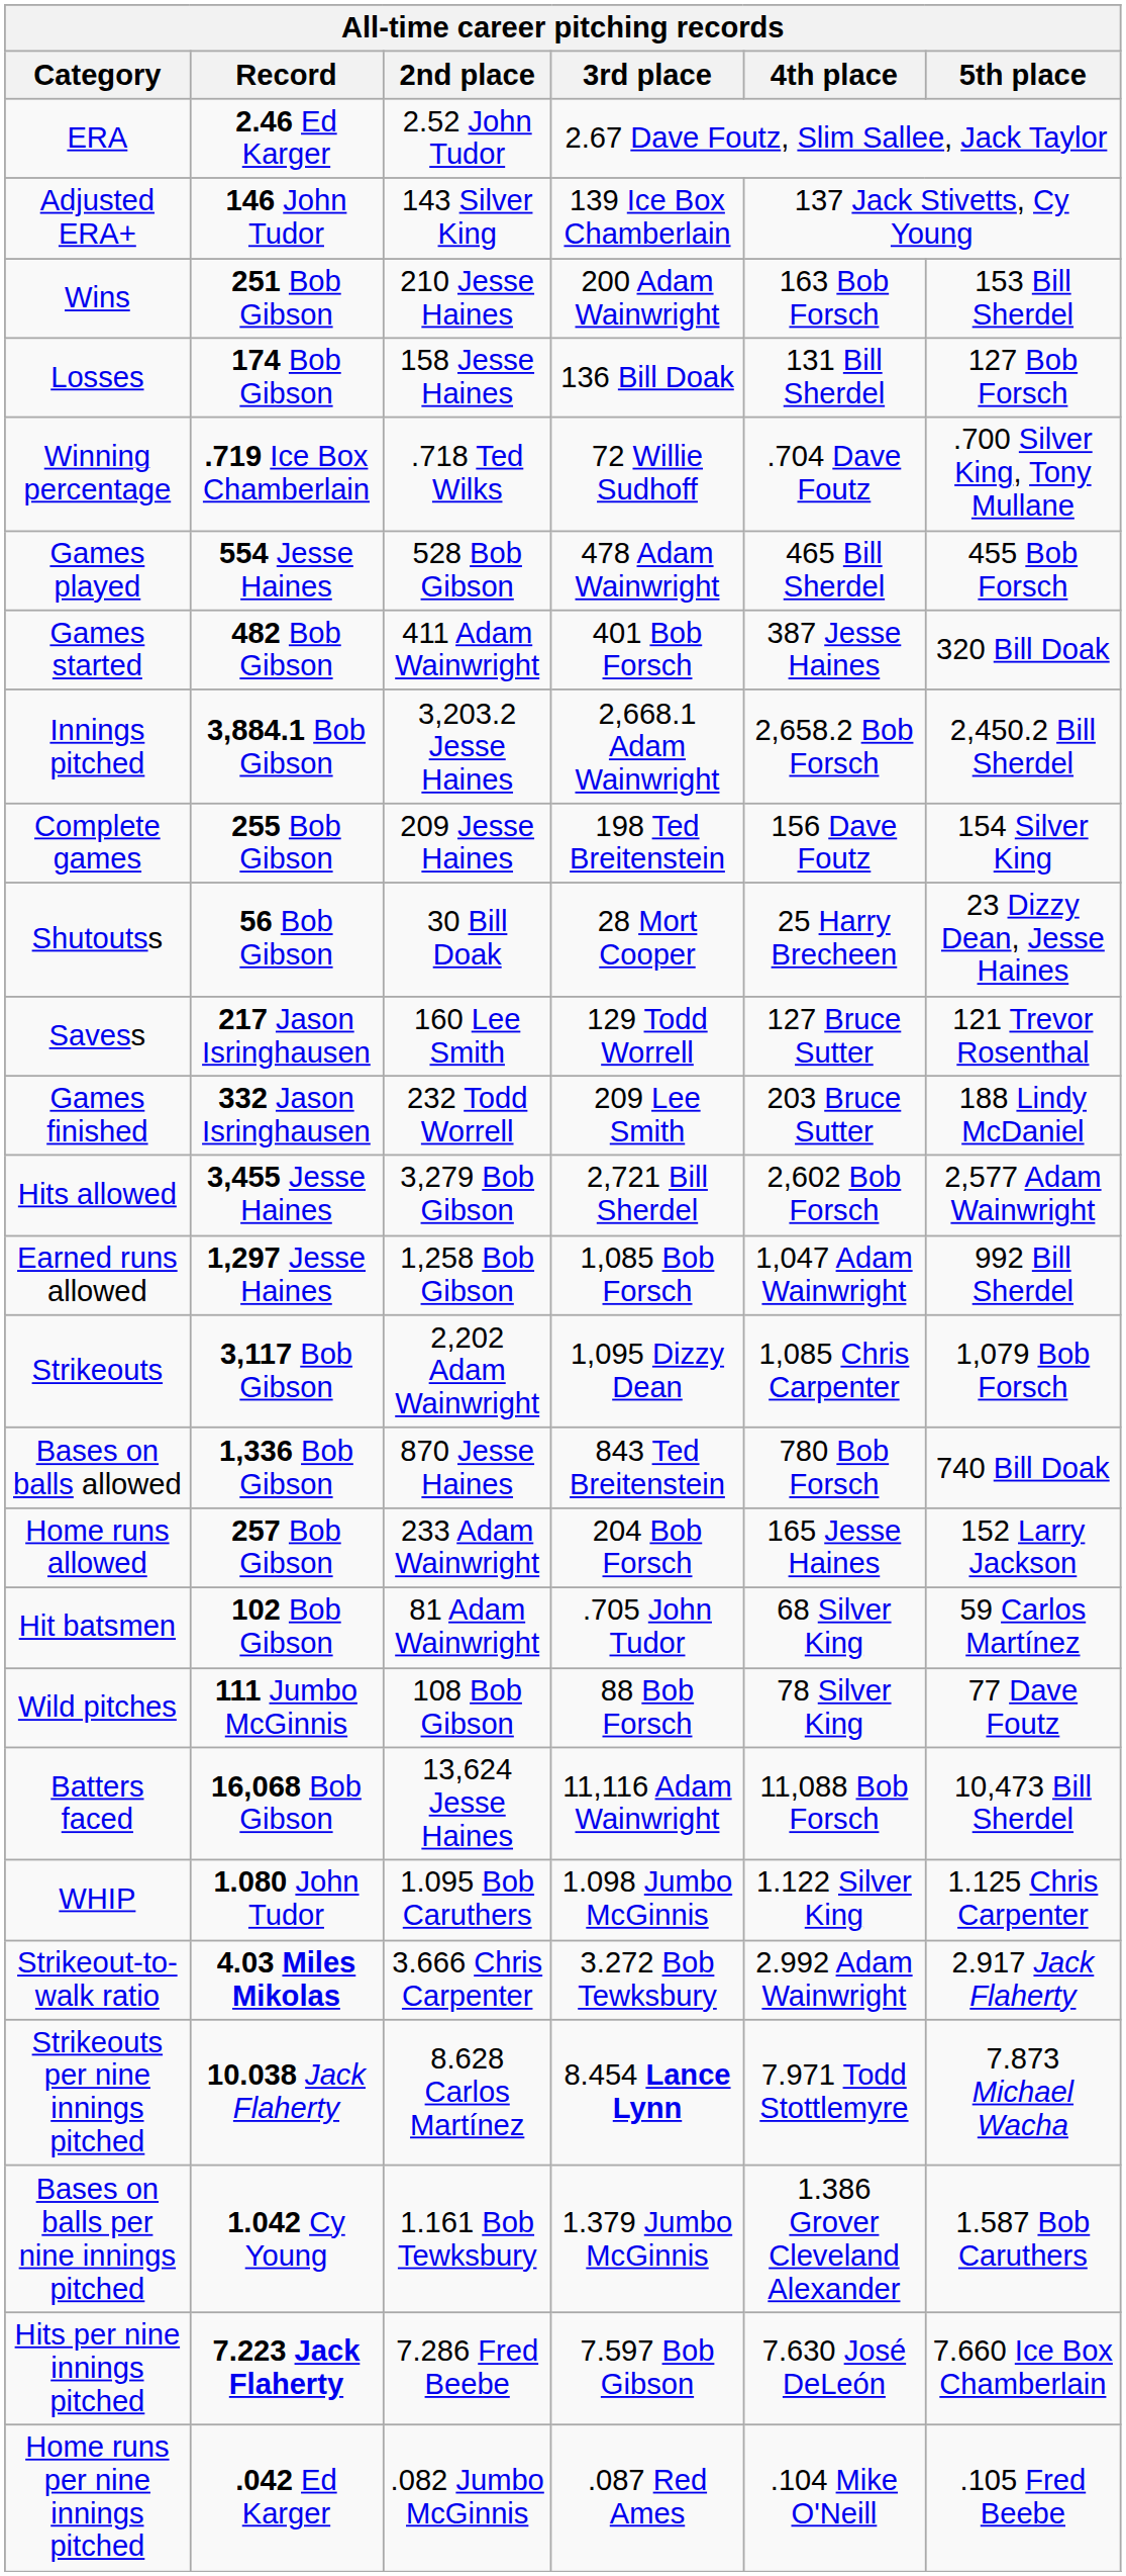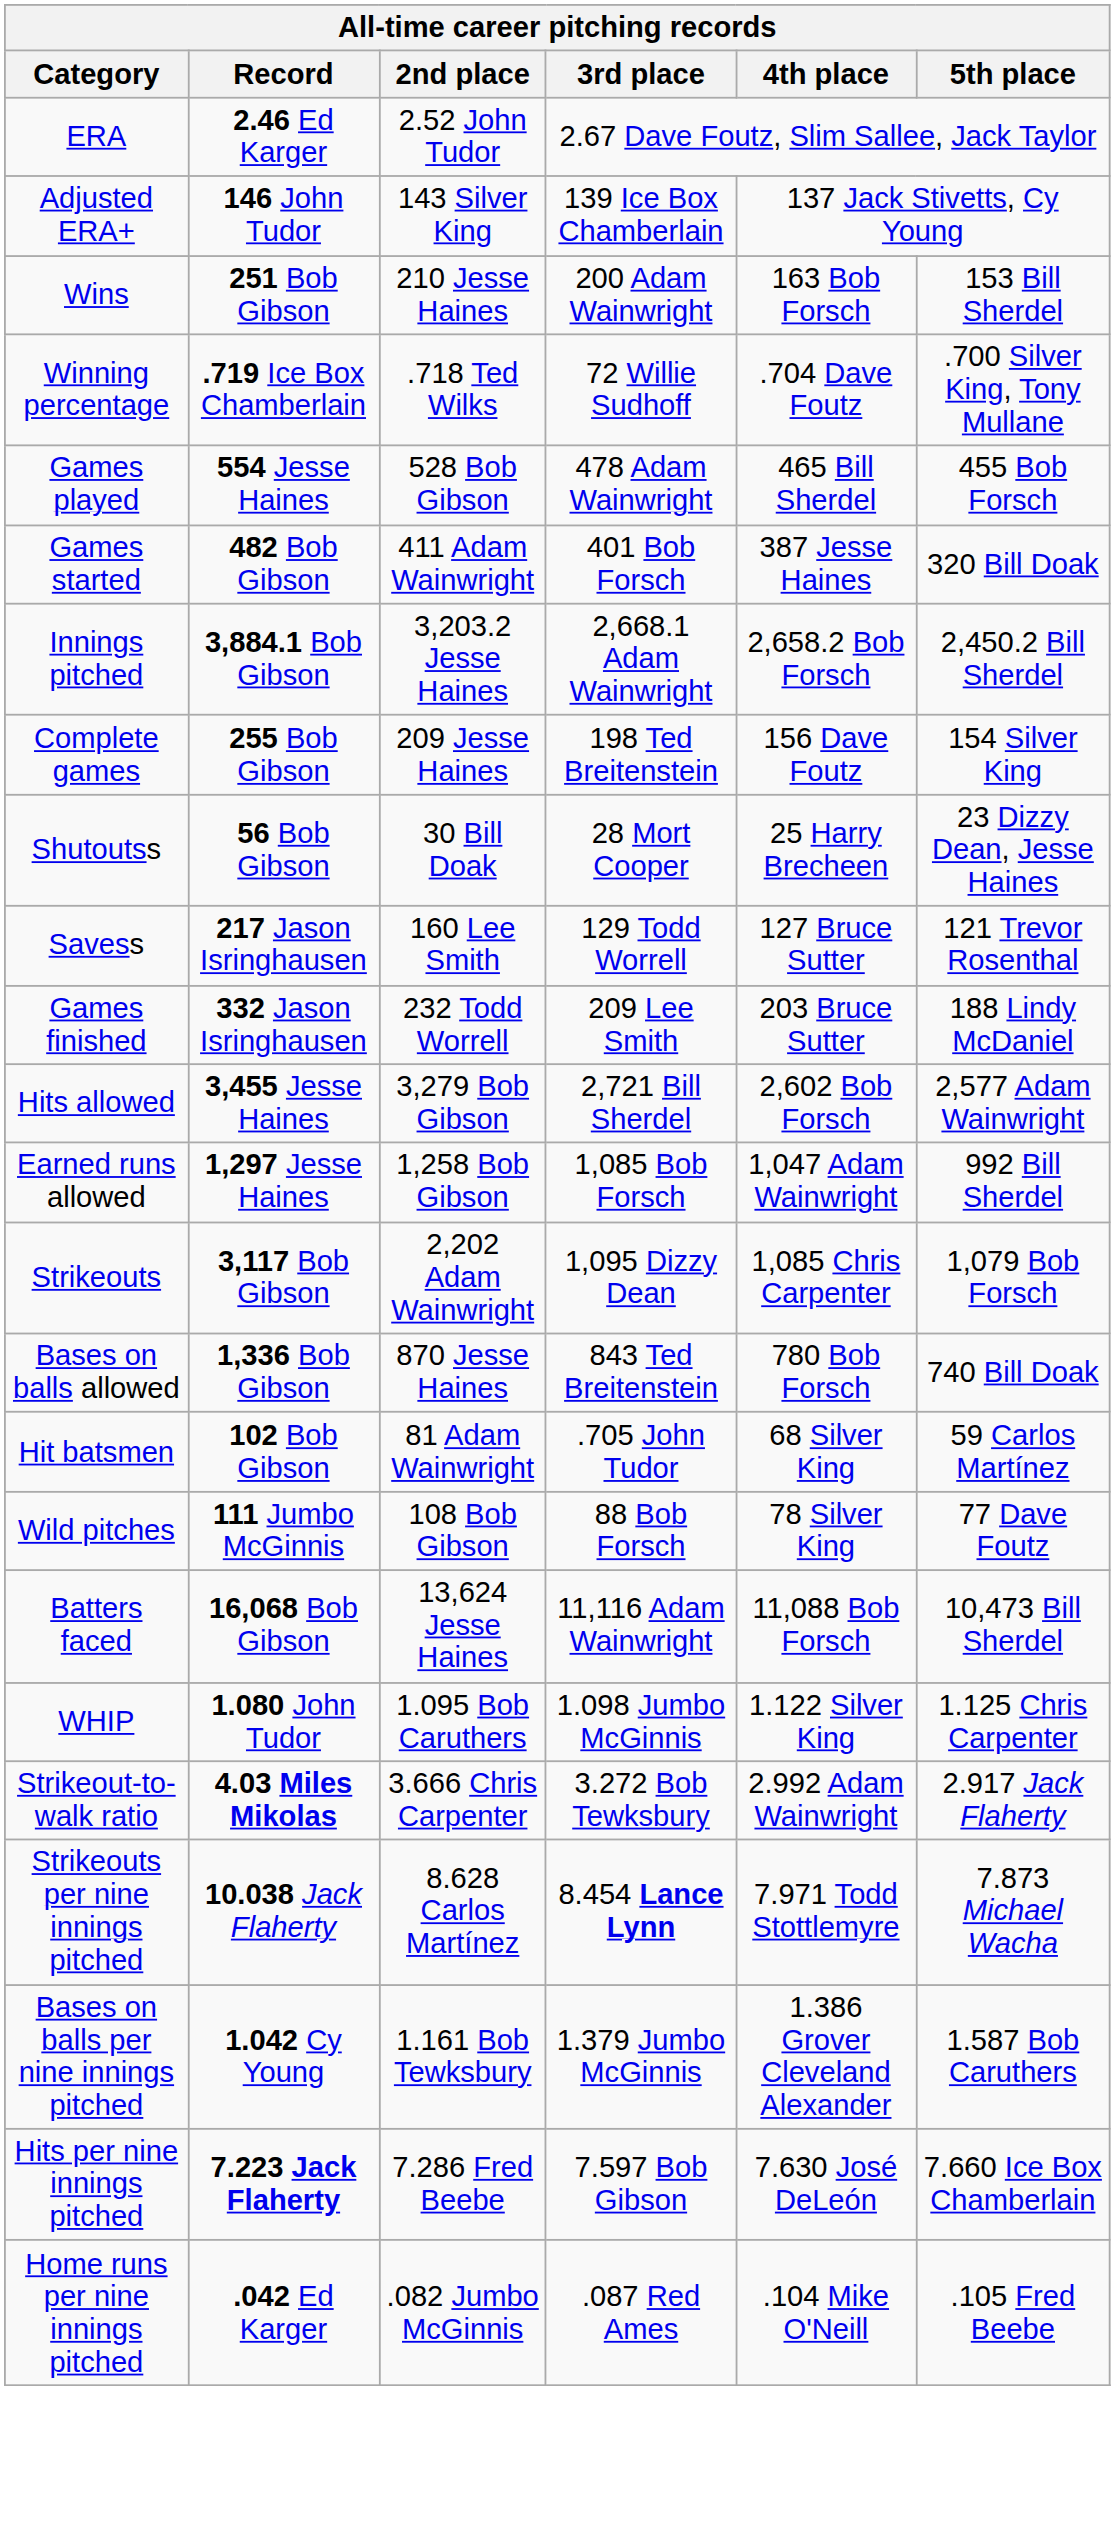 <table class="wikitable unsortable" style="text-align:center">
 <tr>
 <th colspan=6><strong>All-time career pitching records</strong></th>
 </tr>
 <tr>
 <th scope="col">Category</th>
 <th scope="col">Record</th>
 <th scope="col">2nd place</th>
 <th scope="col">3rd place</th>
 <th scope="col">4th place</th>
 <th scope="col">5th place</th>
 </tr>
 <tr>
 <td><a href='#'>ERA</a></td>
 <td><strong>2.46</strong> <a href='#'>Ed Karger</a></td>
 <td>2.52 <a href='#'>John Tudor</a></td>
 <td colspan="3" style="text-align: center;">2.67 <a href='#'>Dave Foutz</a>, <a href='#'>Slim Sallee</a>, <a href='#'>Jack Taylor</a></td>
 </tr>
 <tr>
 <td><a href='#'>Adjusted ERA+</a></td>
 <td><strong>146</strong> <a href='#'>John Tudor</a></td>
 <td>143 <a href='#'>Silver King</a></td>
 <td>139 <a href='#'>Ice Box Chamberlain</a></td>
 <td colspan="2" style="text-align: center;">137 <a href='#'>Jack Stivetts</a>, <a href='#'>Cy Young</a></td>
 </tr>
 <tr>
 <td><a href='#'>Wins</a></td>
 <td><strong>251</strong> <a href='#'>Bob Gibson</a></td>
 <td>210 <a href='#'>Jesse Haines</a></td>
 <td>200 <a href='#'>Adam Wainwright</a></td>
 <td>163 <a href='#'>Bob Forsch</a></td>
 <td>153 <a href='#'>Bill Sherdel</a></td>
-</tr>
-<tr>
-<td><a href='#'>Losses</a></td>
-<td><strong>174</strong> <a href='#'>Bob Gibson</a></td>
-<td>158 <a href='#'>Jesse Haines</a></td>
-<td>136 <a href='#'>Bill Doak</a></td>
-<td>131 <a href='#'>Bill Sherdel</a></td>
-<td>127 <a href='#'>Bob Forsch</a></td>
 </tr>
 <tr>
 <td><a href='#'>Winning percentage</a></td>
 <td><strong>.719</strong> <a href='#'>Ice Box Chamberlain</a></td>
 <td>.718 <a href='#'>Ted Wilks</a></td>
 <td>72 <a href='#'>Willie Sudhoff</a></td>
 <td>.704 <a href='#'>Dave Foutz</a></td>
 <td>.700 <a href='#'>Silver King</a>, <a href='#'>Tony Mullane</a></td>
 </tr>
 <tr>
 <td><a href='#'>Games played</a></td>
 <td><strong>554</strong> <a href='#'>Jesse Haines</a></td>
 <td>528 <a href='#'>Bob Gibson</a></td>
 <td>478 <a href='#'>Adam Wainwright</a></td>
 <td>465 <a href='#'>Bill Sherdel</a></td>
 <td>455 <a href='#'>Bob Forsch</a></td>
 </tr>
 <tr>
 <td><a href='#'>Games started</a></td>
 <td><strong>482</strong> <a href='#'>Bob Gibson</a></td>
 <td>411 <a href='#'>Adam Wainwright</a></td>
 <td>401 <a href='#'>Bob Forsch</a></td>
 <td>387 <a href='#'>Jesse Haines</a></td>
 <td>320 <a href='#'>Bill Doak</a></td>
 </tr>
 <tr>
 <td><a href='#'>Innings pitched</a></td>
 <td><strong>3,884.1</strong> <a href='#'>Bob Gibson</a></td>
 <td>3,203.2 <a href='#'>Jesse Haines</a></td>
 <td>2,668.1 <a href='#'>Adam Wainwright</a></td>
 <td>2,658.2 <a href='#'>Bob Forsch</a></td>
 <td>2,450.2 <a href='#'>Bill Sherdel</a></td>
 </tr>
 <tr>
 <td><a href='#'>Complete games</a></td>
 <td><strong>255</strong> <a href='#'>Bob Gibson</a></td>
 <td>209 <a href='#'>Jesse Haines</a></td>
 <td>198 <a href='#'>Ted Breitenstein</a></td>
 <td>156 <a href='#'>Dave Foutz</a></td>
 <td>154 <a href='#'>Silver King</a></td>
 </tr>
 <tr>
 <td><a href='#'>Shutouts</a>s</td>
 <td><strong>56</strong> <a href='#'>Bob Gibson</a></td>
 <td>30 <a href='#'>Bill Doak</a></td>
 <td>28 <a href='#'>Mort Cooper</a></td>
 <td>25 <a href='#'>Harry Brecheen</a></td>
 <td>23 <a href='#'>Dizzy Dean</a>, <a href='#'>Jesse Haines</a></td>
 </tr>
 <tr>
 <td><a href='#'>Saves</a>s</td>
 <td><strong>217</strong> <a href='#'>Jason Isringhausen</a></td>
 <td>160 <a href='#'>Lee Smith</a></td>
 <td>129 <a href='#'>Todd Worrell</a></td>
 <td>127 <a href='#'>Bruce Sutter</a></td>
 <td>121 <a href='#'>Trevor Rosenthal</a></td>
 </tr>
 <tr>
 <td><a href='#'>Games finished</a></td>
 <td><strong>332</strong> <a href='#'>Jason Isringhausen</a></td>
 <td>232 <a href='#'>Todd Worrell</a></td>
 <td>209 <a href='#'>Lee Smith</a></td>
 <td>203 <a href='#'>Bruce Sutter</a></td>
 <td>188 <a href='#'>Lindy McDaniel</a></td>
 </tr>
 <tr>
 <td><a href='#'>Hits allowed</a></td>
 <td><strong>3,455</strong> <a href='#'>Jesse Haines</a></td>
 <td>3,279 <a href='#'>Bob Gibson</a></td>
 <td>2,721 <a href='#'>Bill Sherdel</a></td>
 <td>2,602 <a href='#'>Bob Forsch</a></td>
 <td>2,577 <a href='#'>Adam Wainwright</a></td>
 </tr>
 <tr>
 <td><a href='#'>Earned runs</a> allowed</td>
 <td><strong>1,297</strong> <a href='#'>Jesse Haines</a></td>
 <td>1,258 <a href='#'>Bob Gibson</a></td>
 <td>1,085 <a href='#'>Bob Forsch</a></td>
 <td>1,047 <a href='#'>Adam Wainwright</a></td>
 <td>992 <a href='#'>Bill Sherdel</a></td>
 </tr>
 <tr>
 <td><a href='#'>Strikeouts</a></td>
 <td><strong>3,117</strong> <a href='#'>Bob Gibson</a></td>
 <td>2,202 <a href='#'>Adam Wainwright</a></td>
 <td>1,095 <a href='#'>Dizzy Dean</a></td>
 <td>1,085 <a href='#'>Chris Carpenter</a></td>
 <td>1,079 <a href='#'>Bob Forsch</a></td>
 </tr>
 <tr>
 <td><a href='#'>Bases on balls</a> allowed</td>
 <td><strong>1,336</strong> <a href='#'>Bob Gibson</a></td>
 <td>870 <a href='#'>Jesse Haines</a></td>
 <td>843 <a href='#'>Ted Breitenstein</a></td>
 <td>780 <a href='#'>Bob Forsch</a></td>
 <td>740 <a href='#'>Bill Doak</a></td>
 </tr>
 <tr>
-<td><a href='#'>Home runs allowed</a></td>
-<td><strong>257</strong> <a href='#'>Bob Gibson</a></td>
-<td>233 <a href='#'>Adam Wainwright</a></td>
-<td>204 <a href='#'>Bob Forsch</a></td>
-<td>165 <a href='#'>Jesse Haines</a></td>
-<td>152 <a href='#'>Larry Jackson</a></td>
-</tr>
-<tr>
 <td><a href='#'>Hit batsmen</a></td>
 <td><strong>102</strong> <a href='#'>Bob Gibson</a></td>
 <td>81 <a href='#'>Adam Wainwright</a></td>
 <td>.705 <a href='#'>John Tudor</a></td>
 <td>68 <a href='#'>Silver King</a></td>
 <td>59 <a href='#'>Carlos Martínez</a></td>
 </tr>
 <tr>
 <td><a href='#'>Wild pitches</a></td>
 <td><strong>111</strong> <a href='#'>Jumbo McGinnis</a></td>
 <td>108 <a href='#'>Bob Gibson</a></td>
 <td>88 <a href='#'>Bob Forsch</a></td>
 <td>78 <a href='#'>Silver King</a></td>
 <td>77 <a href='#'>Dave Foutz</a></td>
 </tr>
 <tr>
 <td><a href='#'>Batters faced</a></td>
 <td><strong>16,068</strong> <a href='#'>Bob Gibson</a></td>
 <td>13,624 <a href='#'>Jesse Haines</a></td>
 <td>11,116 <a href='#'>Adam Wainwright</a></td>
 <td>11,088 <a href='#'>Bob Forsch</a></td>
 <td>10,473 <a href='#'>Bill Sherdel</a></td>
 </tr>
 <tr>
 <td><a href='#'>WHIP</a></td>
 <td><strong>1.080</strong> <a href='#'>John Tudor</a></td>
 <td>1.095 <a href='#'>Bob Caruthers</a></td>
 <td>1.098 <a href='#'>Jumbo McGinnis</a></td>
 <td>1.122 <a href='#'>Silver King</a></td>
 <td>1.125 <a href='#'>Chris Carpenter</a></td>
 </tr>
 <tr>
 <td><a href='#'>Strikeout-to-walk ratio</a></td>
 <td><strong>4.03</strong> <strong><a href='#'>Miles Mikolas</a></strong></td>
 <td>3.666 <a href='#'>Chris Carpenter</a></td>
 <td>3.272 <a href='#'>Bob Tewksbury</a></td>
 <td>2.992 <a href='#'>Adam Wainwright</a></td>
 <td>2.917 <em><a href='#'>Jack Flaherty</a></em></td>
 </tr>
 <tr>
 <td><a href='#'>Strikeouts per nine innings pitched</a></td>
 <td><strong>10.038</strong> <em><a href='#'>Jack Flaherty</a></em></td>
 <td>8.628 <a href='#'>Carlos Martínez</a></td>
 <td>8.454 <strong><a href='#'>Lance Lynn</a></strong></td>
 <td>7.971 <a href='#'>Todd Stottlemyre</a></td>
 <td>7.873 <em><a href='#'>Michael Wacha</a></em></td>
 </tr>
 <tr>
 <td><a href='#'>Bases on balls per nine innings pitched</a></td>
 <td><strong>1.042</strong> <a href='#'>Cy Young</a></td>
 <td>1.161 <a href='#'>Bob Tewksbury</a></td>
 <td>1.379 <a href='#'>Jumbo McGinnis</a></td>
 <td>1.386 <a href='#'>Grover Cleveland Alexander</a></td>
 <td>1.587 <a href='#'>Bob Caruthers</a></td>
 </tr>
 <tr>
 <td><a href='#'>Hits per nine innings pitched</a></td>
 <td><strong>7.223 <a href='#'>Jack Flaherty</a></strong></td>
 <td>7.286 <a href='#'>Fred Beebe</a></td>
 <td>7.597 <a href='#'>Bob Gibson</a></td>
 <td>7.630 <a href='#'>José DeLeón</a></td>
 <td>7.660 <a href='#'>Ice Box Chamberlain</a></td>
 </tr>
 <tr>
 <td><a href='#'>Home runs per nine innings pitched</a></td>
 <td><strong>.042</strong> <a href='#'>Ed Karger</a></td>
 <td>.082 <a href='#'>Jumbo McGinnis</a></td>
 <td>.087 <a href='#'>Red Ames</a></td>
 <td>.104 <a href='#'>Mike O'Neill</a></td>
 <td>.105 <a href='#'>Fred Beebe</a></td>
 </tr>
 <tr>
 </tr>
 </table>
